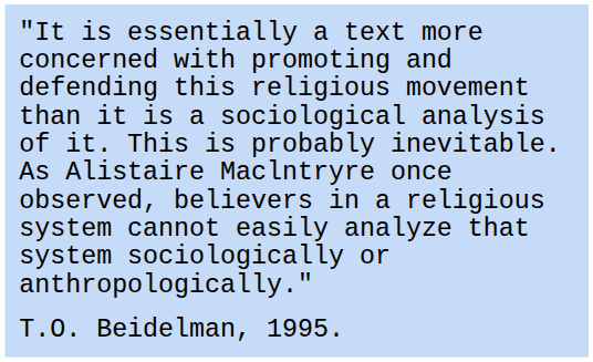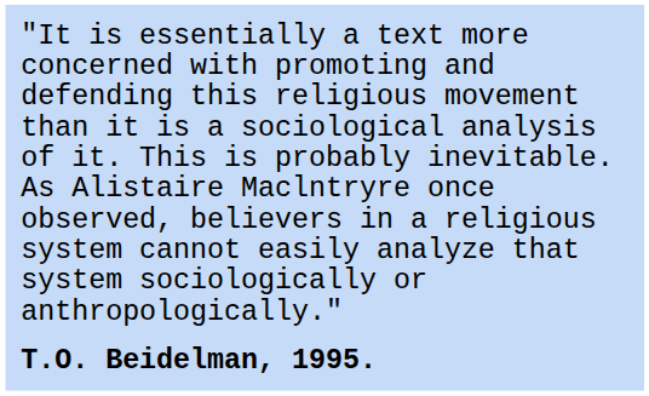 <table class="toccolours" style="float: right; margin-left: 1em; margin-right: 0em; font-size: 85%; background:#c6dbf7; color:black; width:30em; max-width: 250px;" cellspacing="5">
 <tr>
 <td style="text-align: left;">"It is essentially a text more concerned with promoting and defending this religious movement than it is a sociological analysis of it. This is probably inevitable. As Alistaire Maclntryre once observed, believers in a religious system cannot easily analyze that system sociologically or anthropologically."</td>
 </tr>
 <tr>
-<td style="text-align: left;">T.O. Beidelman, 1995.</td>
+<td style="text-align: left;"><strong>T.O. Beidelman, 1995.</strong></td>
 </tr>
 </table>
